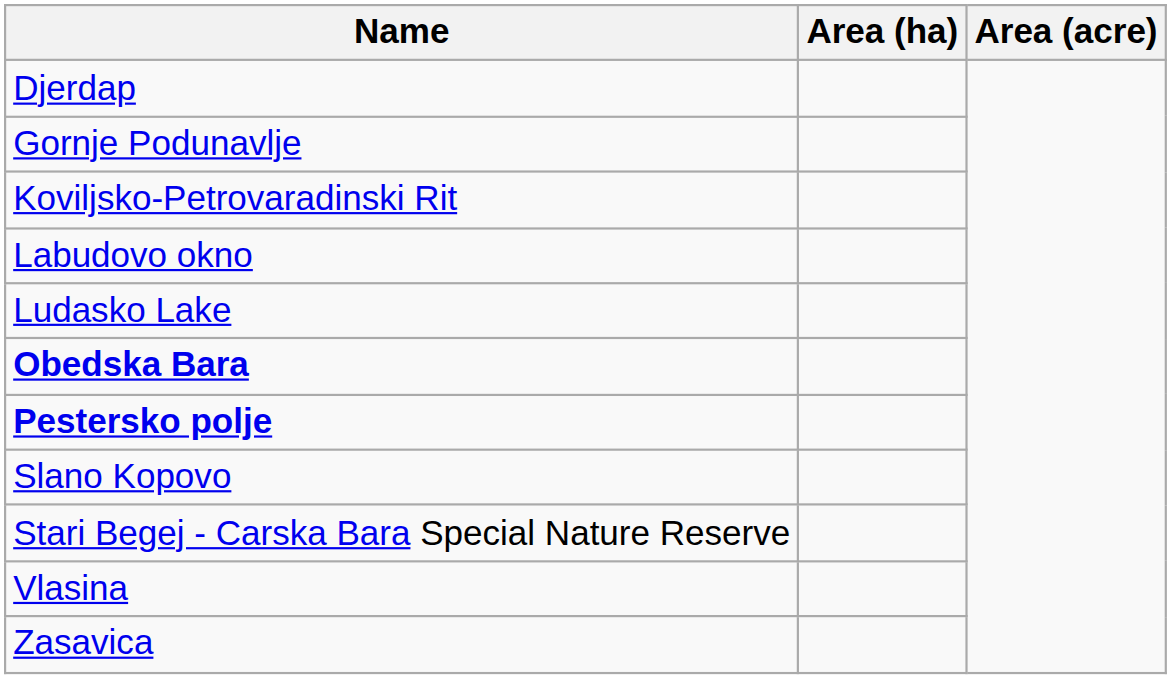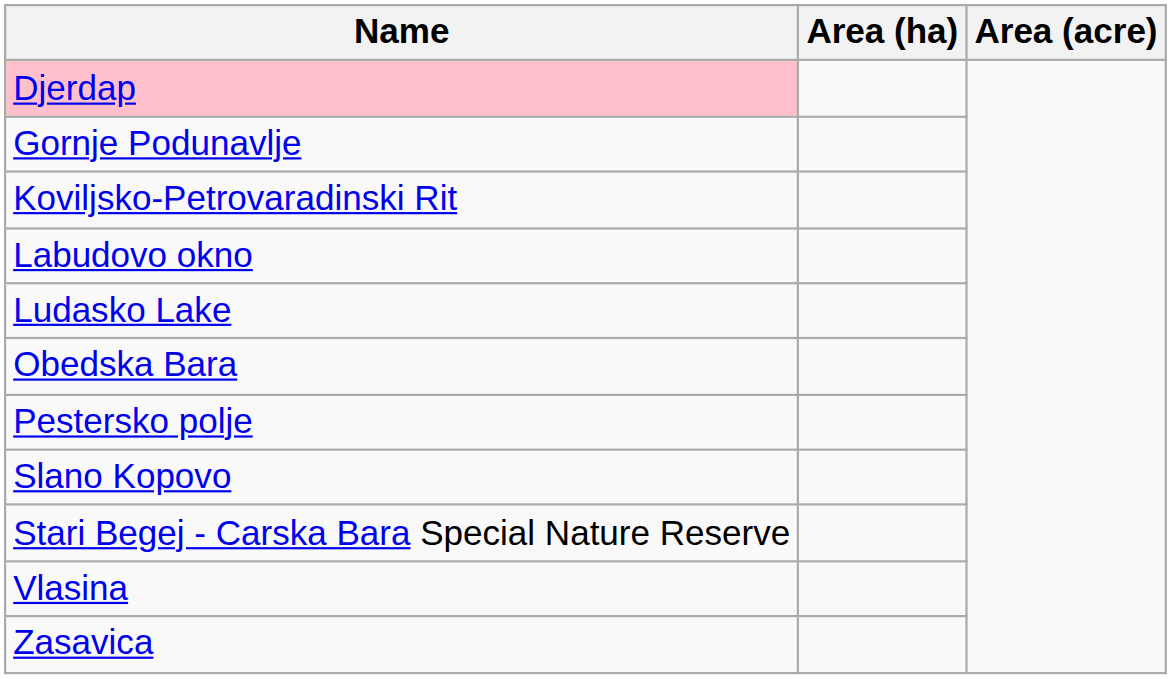 <table class="wikitable">
 <tr>
 <th scope="col" align=left>Name</th>
 <th scope="col">Area (ha)</th>
 <th scope="col">Area (acre)</th>
 </tr>
 <tr ---->
-<td><a href='#'>Djerdap</a></td>
+<td style="background: pink;"><a href='#'>Djerdap</a></td>
 <td></td>
 </tr>
 <tr ---->
 <td><a href='#'>Gornje Podunavlje</a></td>
 <td></td>
 </tr>
 <tr ---->
 <td><a href='#'>Koviljsko-Petrovaradinski Rit</a></td>
 <td></td>
 </tr>
 <tr ---->
 <td><a href='#'>Labudovo okno</a></td>
 <td></td>
 </tr>
 <tr ---->
 <td><a href='#'>Ludasko Lake</a></td>
 <td></td>
 </tr>
 <tr ---->
-<td><strong><a href='#'>Obedska Bara</a></strong></td>
+<td><a href='#'>Obedska Bara</a></td>
 <td></td>
 </tr>
 <tr ---->
-<td><strong><a href='#'>Pestersko polje</a></strong></td>
+<td><a href='#'>Pestersko polje</a></td>
 <td></td>
 </tr>
 <tr ---->
 <td><a href='#'>Slano Kopovo</a></td>
 <td></td>
 </tr>
 <tr ---->
 <td><a href='#'>Stari Begej - Carska Bara</a> Special Nature Reserve</td>
 <td></td>
 </tr>
 <tr ---->
 <td><a href='#'>Vlasina</a></td>
 <td></td>
 </tr>
 <tr ---->
 <td><a href='#'>Zasavica</a></td>
 <td></td>
 </tr>
 </table>
